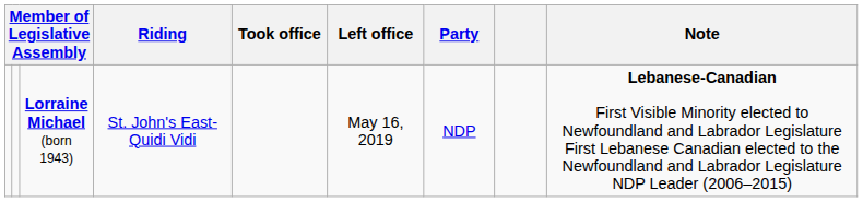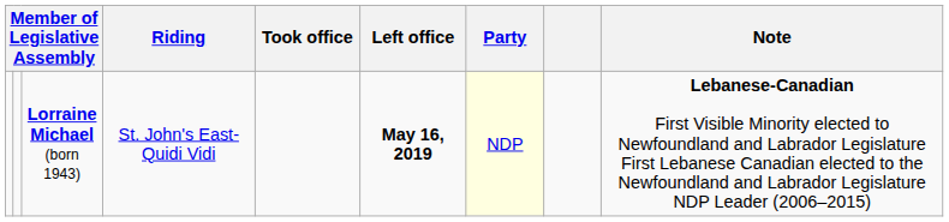 <table class="wikitable sortable plainrowheaders" style="text-align: center;">
 <tr>
 <th colspan="3" class=unsortable><a href='#'>Member of Legislative Assembly</a></th>
 <th scope="col" width=150px><a href='#'>Riding</a></th>
 <th scope="col" width=100px>Took office</th>
 <th scope="col" width=100px>Left office</th>
 <th scope="col" width=70px><a href='#'>Party</a></th>
 <th scope="col" class=unsortable width=55px></th>
 <th scope="col" class=unsortable width=350px>Note</th>
 </tr>
 <tr>
 <td rowspan="1" style="background:"></td>
 <td rowspan="1"></td>
 <td rowspan="1"><strong><a href='#'>Lorraine Michael</a></strong><br><small>(born 1943)</small></td>
 <td rowspan="1"><a href='#'>St. John's East-Quidi Vidi</a></td>
 <td rowspan="1"></td>
-<td rowspan="1">May 16, 2019</td>
-<td rowspan="1"><a href='#'>NDP</a></td>
+<td rowspan="1"><strong>May 16, 2019</strong></td>
+<td rowspan="1" style="background: lightyellow;"><a href='#'>NDP</a></td>
 <td rowspan="1"></td>
 <td rowspan="1"><strong>Lebanese-Canadian</strong><br><br>First Visible Minority elected to Newfoundland and Labrador Legislature <br> First Lebanese Canadian elected to the Newfoundland and Labrador Legislature <br> NDP Leader (2006–2015)</td>
 </tr>
 </table>
